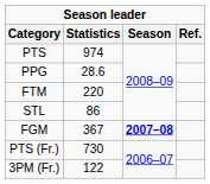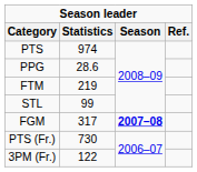 <table class="wikitable sortable" style="text-align:center">
 <tr>
 <td colspan=4><strong>Season leader</strong></td>
 </tr>
 <tr>
 <th width=px>Category</th>
 <th width=px>Statistics</th>
 <th width=px>Season</th>
 <th width=px>Ref.</th>
 </tr>
 <tr>
 <td>PTS</td>
 <td>974</td>
 <td rowspan="4"><a href='#'>2008–09</a></td>
 <td></td>
 </tr>
 <tr>
 <td>PPG</td>
 <td>28.6</td>
 <td></td>
 </tr>
 <tr>
 <td>FTM</td>
-<td>220</td>
+<td>219</td>
 <td></td>
 </tr>
 <tr>
 <td>STL</td>
-<td>86</td>
+<td>99</td>
 <td></td>
 </tr>
 <tr>
 <td>FGM</td>
-<td>367</td>
+<td>317</td>
 <td><strong><a href='#'>2007–08</a></strong></td>
 <td></td>
 </tr>
 <tr>
 <td>PTS (Fr.)</td>
 <td>730</td>
 <td rowspan="2"><a href='#'>2006–07</a></td>
 <td></td>
 </tr>
 <tr>
 <td>3PM (Fr.)</td>
 <td>122</td>
 <td></td>
 </tr>
 </table>
